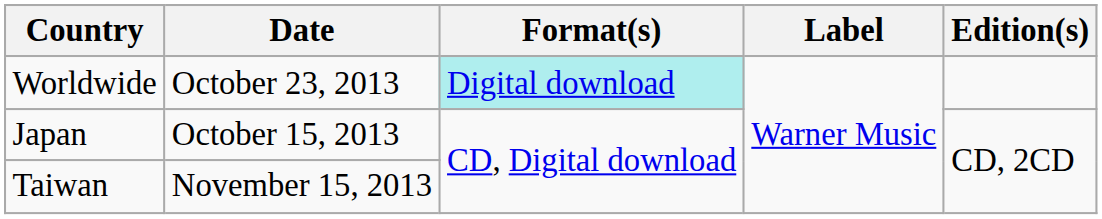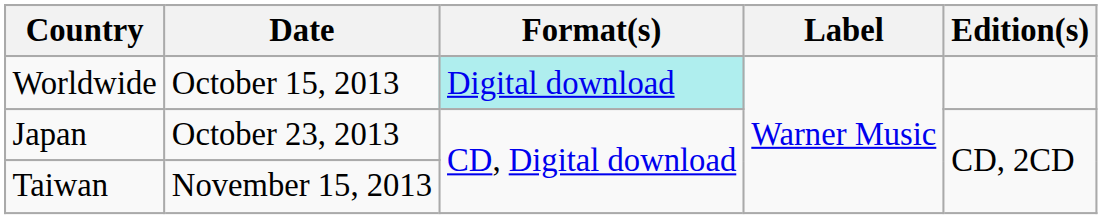 <table class="wikitable">
 <tr>
 <th>Country</th>
 <th>Date</th>
 <th>Format(s)</th>
 <th>Label</th>
 <th>Edition(s)</th>
 </tr>
 <tr>
 <td>Worldwide</td>
-<td>October 23, 2013</td>
+<td>October 15, 2013</td>
 <td style="background: paleturquoise;"><a href='#'>Digital download</a></td>
 <td rowspan="3"><a href='#'>Warner Music</a></td>
 <td></td>
 </tr>
 <tr>
 <td>Japan</td>
-<td>October 15, 2013</td>
+<td>October 23, 2013</td>
 <td rowspan="2"><a href='#'>CD</a>, <a href='#'>Digital download</a></td>
 <td rowspan="2">CD, 2CD</td>
 </tr>
 <tr>
 <td>Taiwan</td>
 <td>November 15, 2013</td>
 </tr>
 </table>
